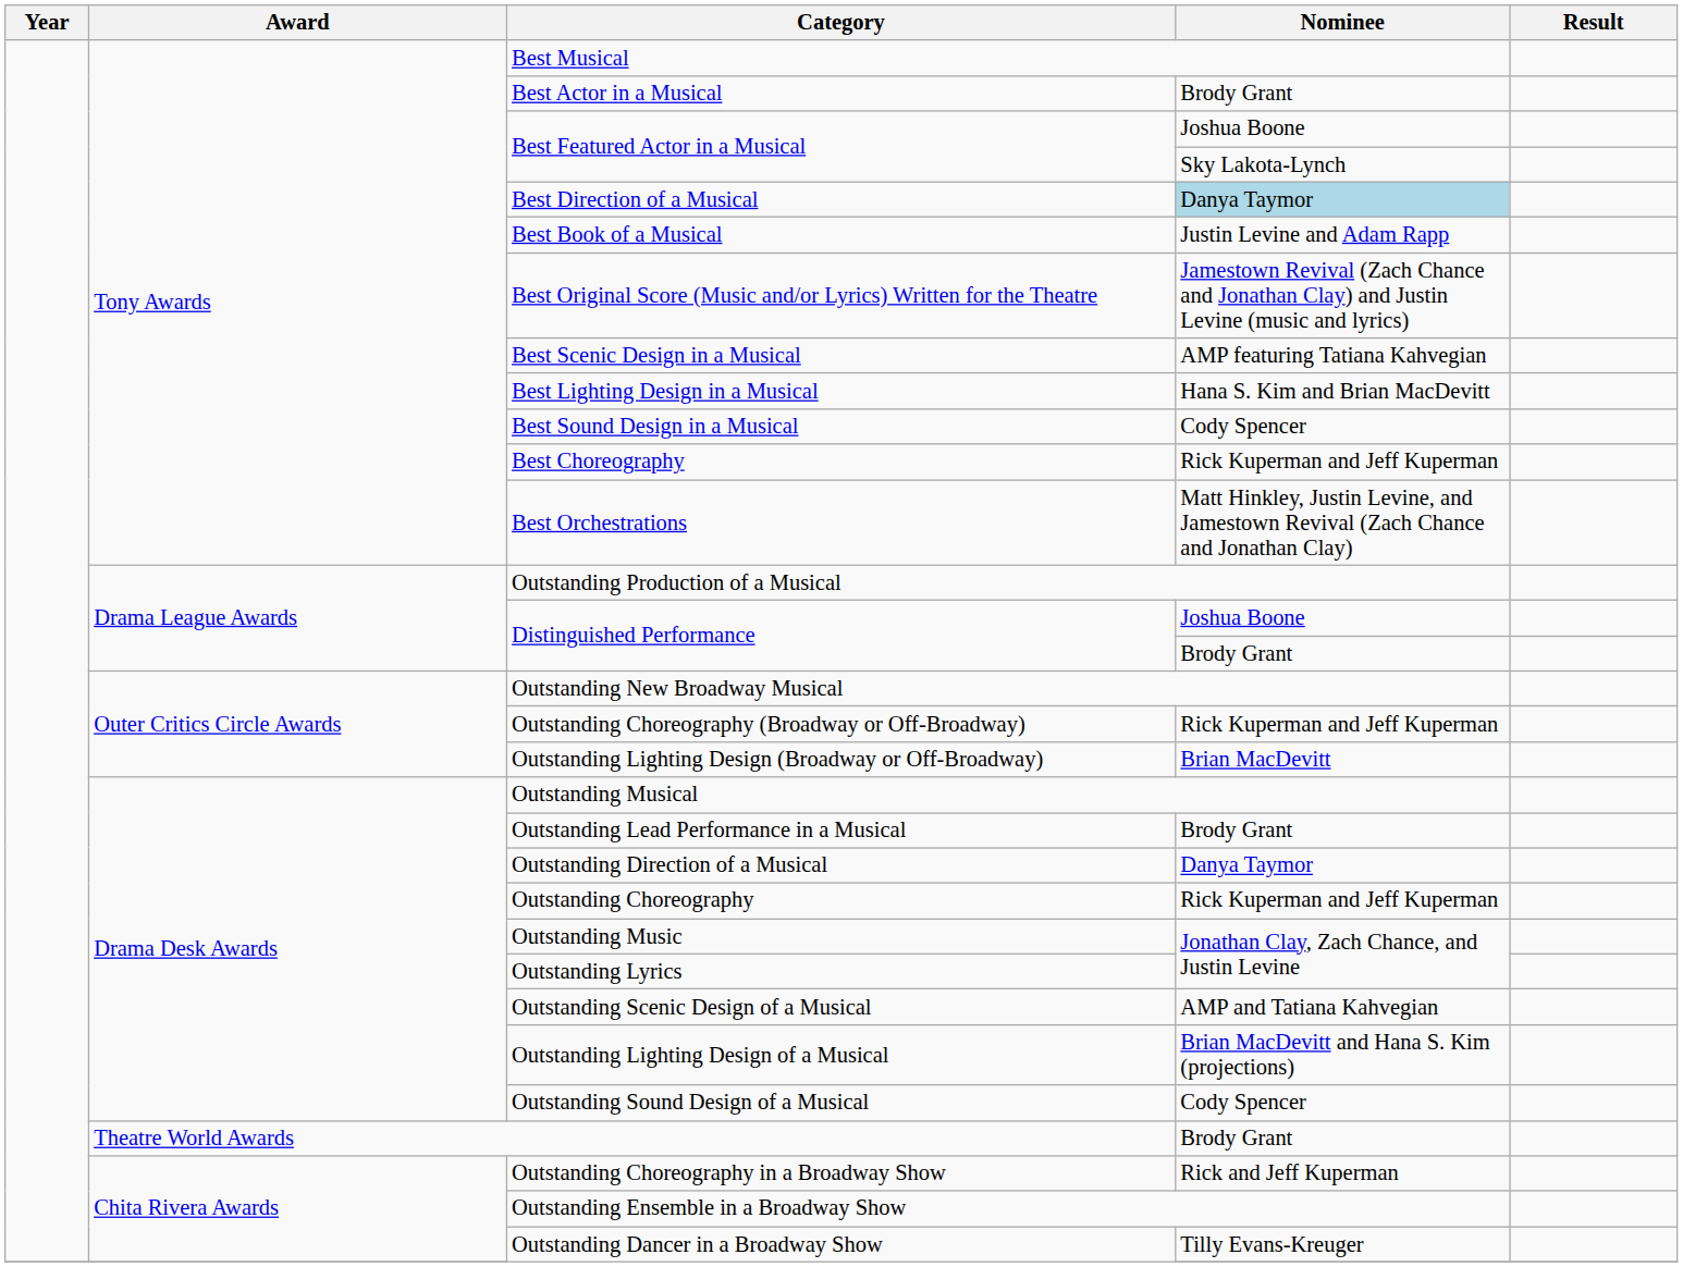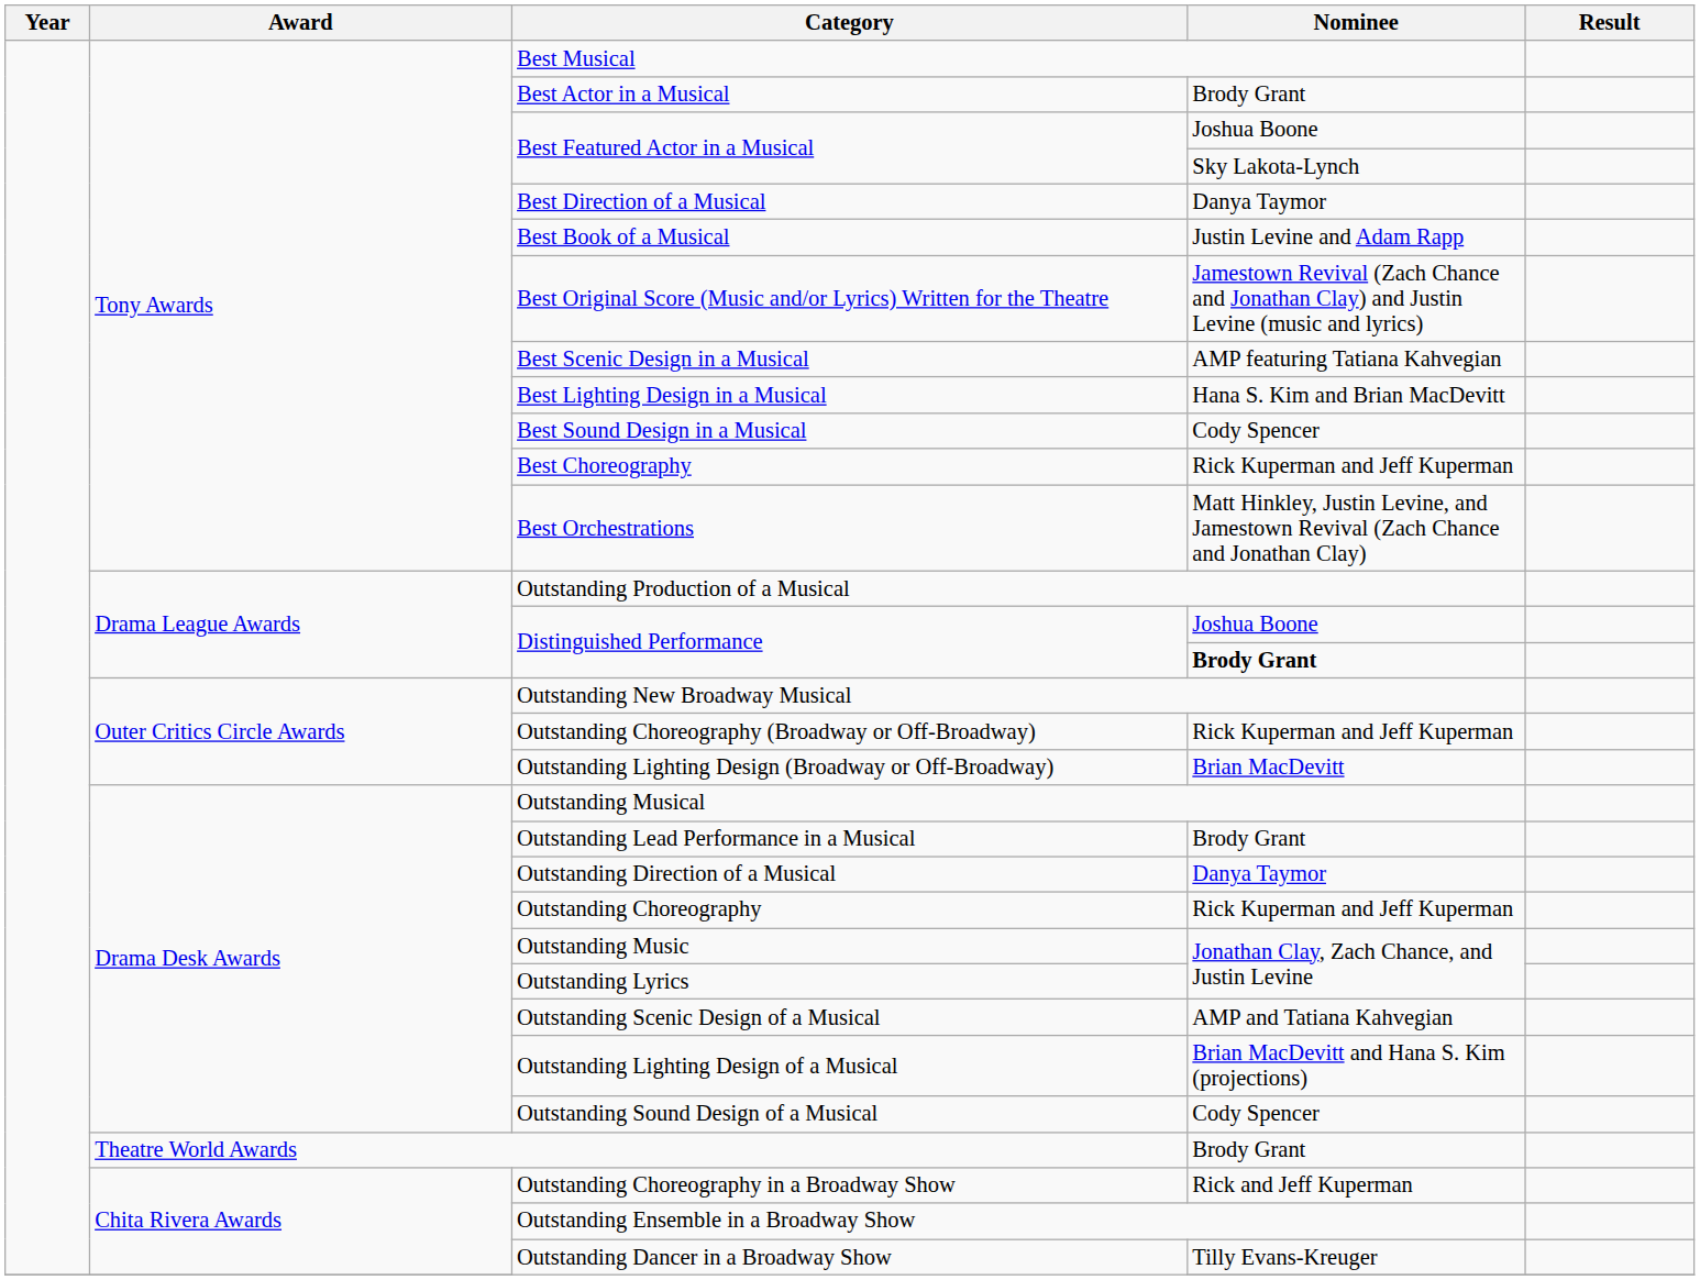 <table class="wikitable" width="95%">
 <tr>
 <th width="5%">Year</th>
 <th width="25%">Award</th>
 <th width="40%">Category</th>
 <th width="20%">Nominee</th>
 <th width="10%">Result</th>
 </tr>
 <tr>
 <td rowspan="31"></td>
 <td rowspan="12"><a href='#'>Tony Awards</a></td>
 <td colspan="2"><a href='#'>Best Musical</a></td>
 <td></td>
 </tr>
 <tr>
 <td><a href='#'>Best Actor in a Musical</a></td>
 <td>Brody Grant</td>
 <td></td>
 </tr>
 <tr>
 <td rowspan="2"><a href='#'>Best Featured Actor in a Musical</a></td>
 <td>Joshua Boone</td>
 <td></td>
 </tr>
 <tr>
 <td>Sky Lakota-Lynch</td>
 <td></td>
 </tr>
 <tr>
 <td><a href='#'>Best Direction of a Musical</a></td>
-<td style="background: lightblue;">Danya Taymor</td>
+<td>Danya Taymor</td>
 <td></td>
 </tr>
 <tr>
 <td><a href='#'>Best Book of a Musical</a></td>
 <td>Justin Levine and <a href='#'>Adam Rapp</a></td>
 <td></td>
 </tr>
 <tr>
 <td><a href='#'>Best Original Score (Music and/or Lyrics) Written for the Theatre</a></td>
 <td><a href='#'>Jamestown Revival</a> (Zach Chance and <a href='#'>Jonathan Clay</a>) and Justin Levine (music and lyrics)</td>
 <td></td>
 </tr>
 <tr>
 <td><a href='#'>Best Scenic Design in a Musical</a></td>
 <td>AMP featuring Tatiana Kahvegian</td>
 <td></td>
 </tr>
 <tr>
 <td><a href='#'>Best Lighting Design in a Musical</a></td>
 <td>Hana S. Kim and Brian MacDevitt</td>
 <td></td>
 </tr>
 <tr>
 <td><a href='#'>Best Sound Design in a Musical</a></td>
 <td>Cody Spencer</td>
 <td></td>
 </tr>
 <tr>
 <td><a href='#'>Best Choreography</a></td>
 <td>Rick Kuperman and Jeff Kuperman</td>
 <td></td>
 </tr>
 <tr>
 <td><a href='#'>Best Orchestrations</a></td>
 <td>Matt Hinkley, Justin Levine, and Jamestown Revival (Zach Chance and Jonathan Clay)</td>
 <td></td>
 </tr>
 <tr>
 <td rowspan="3"><a href='#'>Drama League Awards</a></td>
 <td colspan=2>Outstanding Production of a Musical</td>
 <td></td>
 </tr>
 <tr>
 <td rowspan="2"><a href='#'>Distinguished Performance</a></td>
 <td><a href='#'>Joshua Boone</a></td>
 <td></td>
 </tr>
 <tr>
-<td>Brody Grant</td>
+<td><strong>Brody Grant</strong></td>
 <td></td>
 </tr>
 <tr>
 <td rowspan="3"><a href='#'>Outer Critics Circle Awards</a></td>
 <td colspan="2">Outstanding New Broadway Musical</td>
 <td></td>
 </tr>
 <tr>
 <td>Outstanding Choreography (Broadway or Off-Broadway)</td>
 <td>Rick Kuperman and Jeff Kuperman</td>
 <td></td>
 </tr>
 <tr>
 <td>Outstanding Lighting Design (Broadway or Off-Broadway)</td>
 <td><a href='#'>Brian MacDevitt</a></td>
 <td></td>
 </tr>
 <tr>
 <td rowspan="9"><a href='#'>Drama Desk Awards</a></td>
 <td colspan="2">Outstanding Musical</td>
 <td></td>
 </tr>
 <tr>
 <td>Outstanding Lead Performance in a Musical</td>
 <td>Brody Grant</td>
 <td></td>
 </tr>
 <tr>
 <td>Outstanding Direction of a Musical</td>
 <td><a href='#'>Danya Taymor</a></td>
 <td></td>
 </tr>
 <tr>
 <td>Outstanding Choreography</td>
 <td>Rick Kuperman and Jeff Kuperman</td>
 <td></td>
 </tr>
 <tr>
 <td>Outstanding Music</td>
 <td rowspan="2"><a href='#'>Jonathan Clay</a>, Zach Chance, and Justin Levine</td>
 <td></td>
 </tr>
 <tr>
 <td>Outstanding Lyrics</td>
 <td></td>
 </tr>
 <tr>
 <td>Outstanding Scenic Design of a Musical</td>
 <td>AMP and Tatiana Kahvegian</td>
 <td></td>
 </tr>
 <tr>
 <td>Outstanding Lighting Design of a Musical</td>
 <td><a href='#'>Brian MacDevitt</a> and Hana S. Kim (projections)</td>
 <td></td>
 </tr>
 <tr>
 <td>Outstanding Sound Design of a Musical</td>
 <td>Cody Spencer</td>
 <td></td>
 </tr>
 <tr>
 <td colspan="2"><a href='#'>Theatre World Awards</a></td>
 <td>Brody Grant</td>
 <td></td>
 </tr>
 <tr>
 <td rowspan=3><a href='#'>Chita Rivera Awards</a></td>
 <td>Outstanding Choreography in a Broadway Show</td>
 <td>Rick and Jeff Kuperman</td>
 <td></td>
 </tr>
 <tr>
 <td colspan=2>Outstanding Ensemble in a Broadway Show</td>
 <td></td>
 </tr>
 <tr>
 <td rowspan=5>Outstanding Dancer in a Broadway Show</td>
 <td>Tilly Evans-Kreuger</td>
 <td></td>
 </tr>
 <tr>
 </tr>
 </table>
